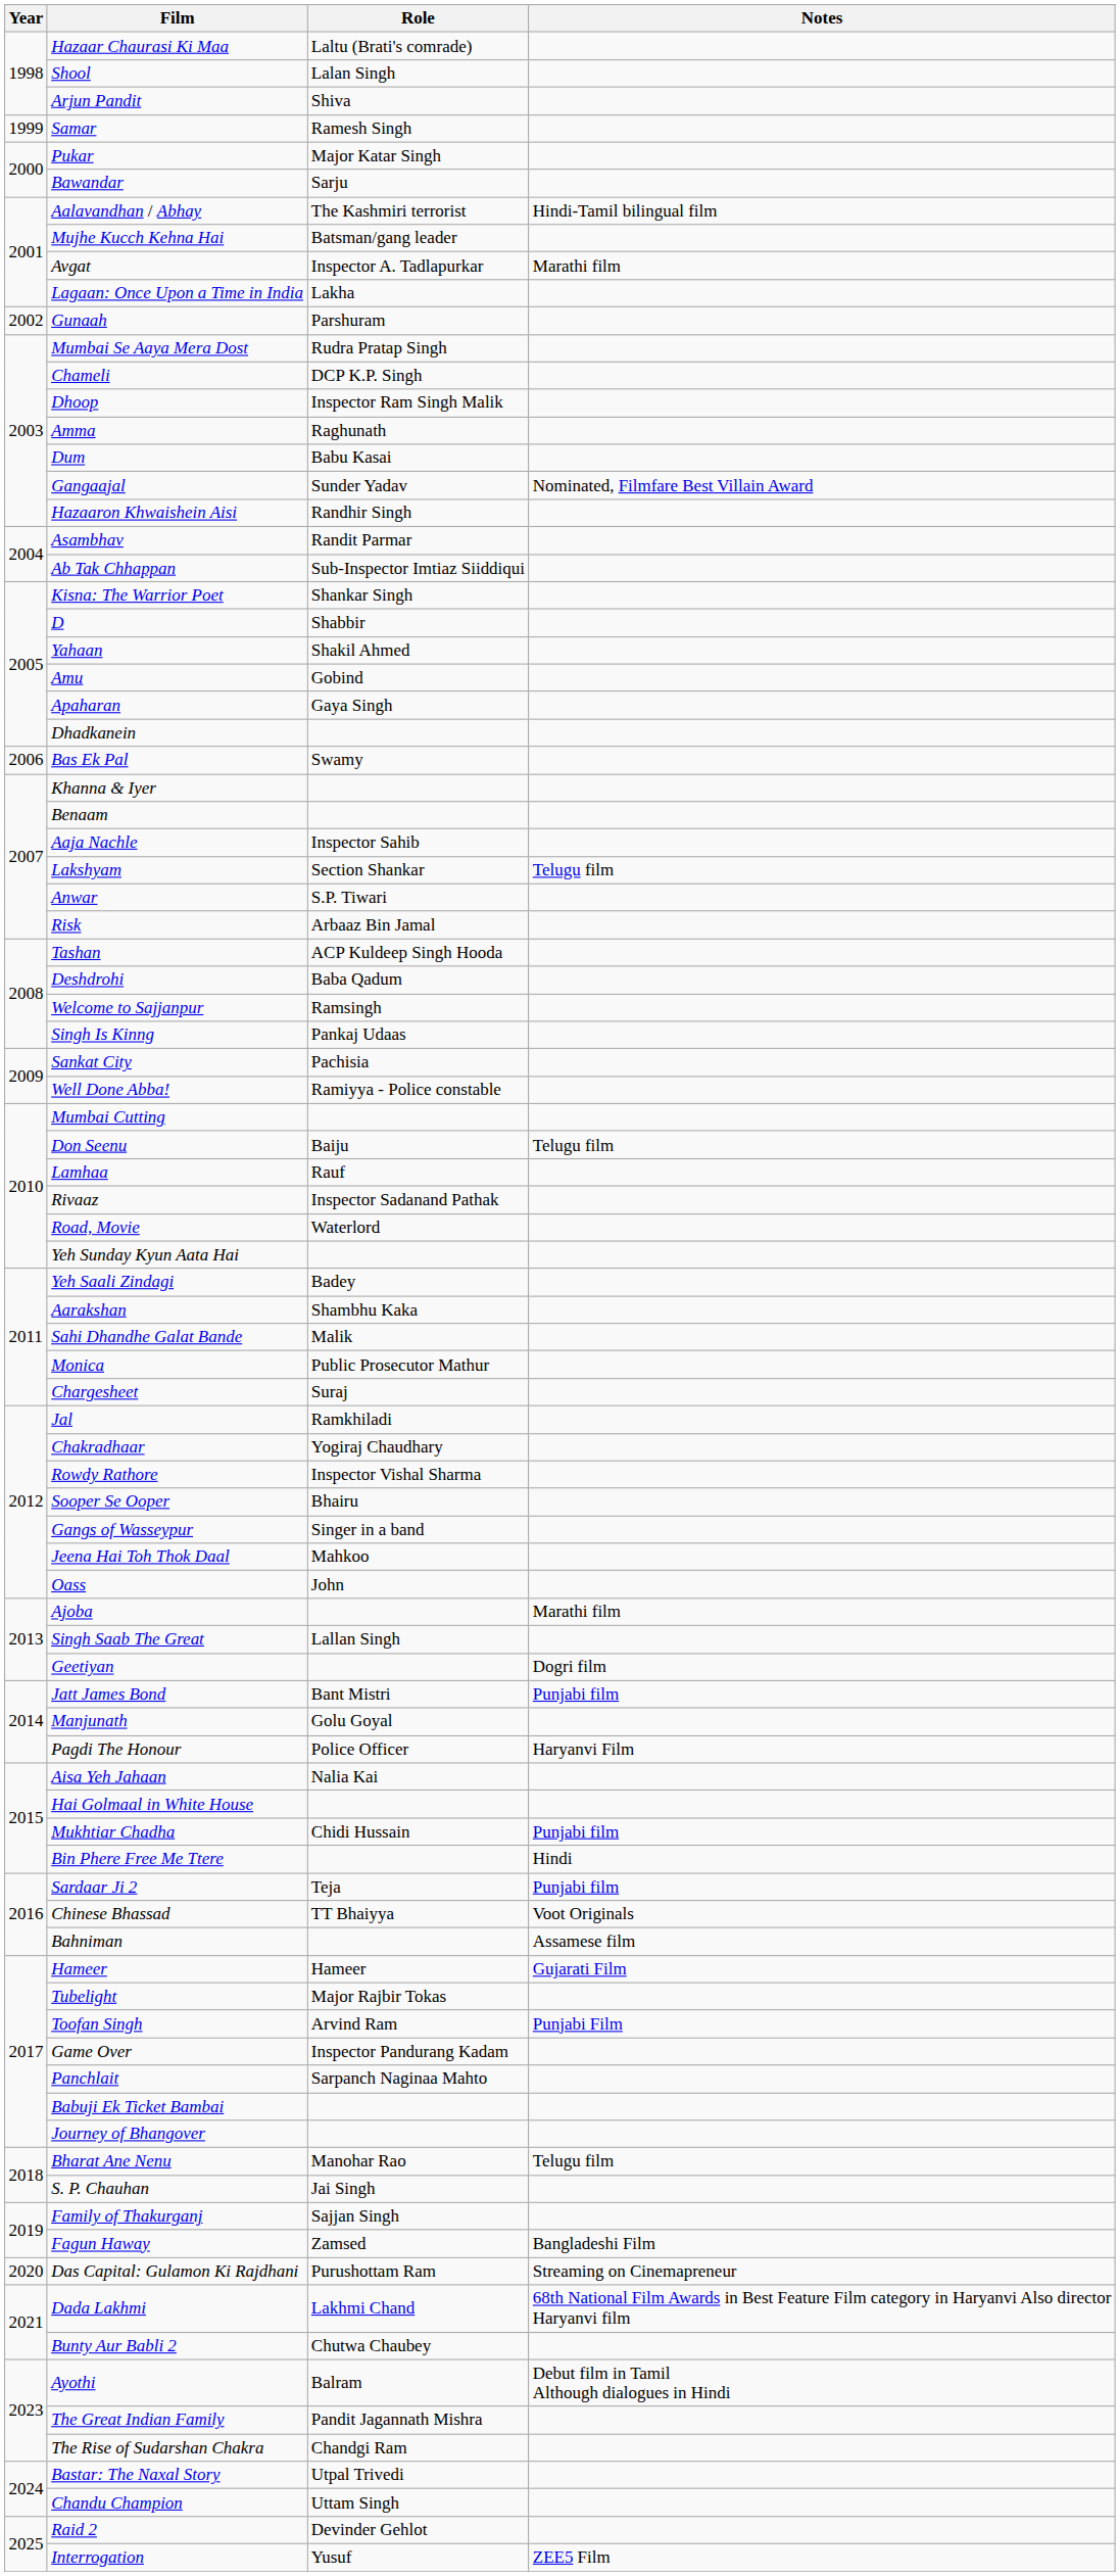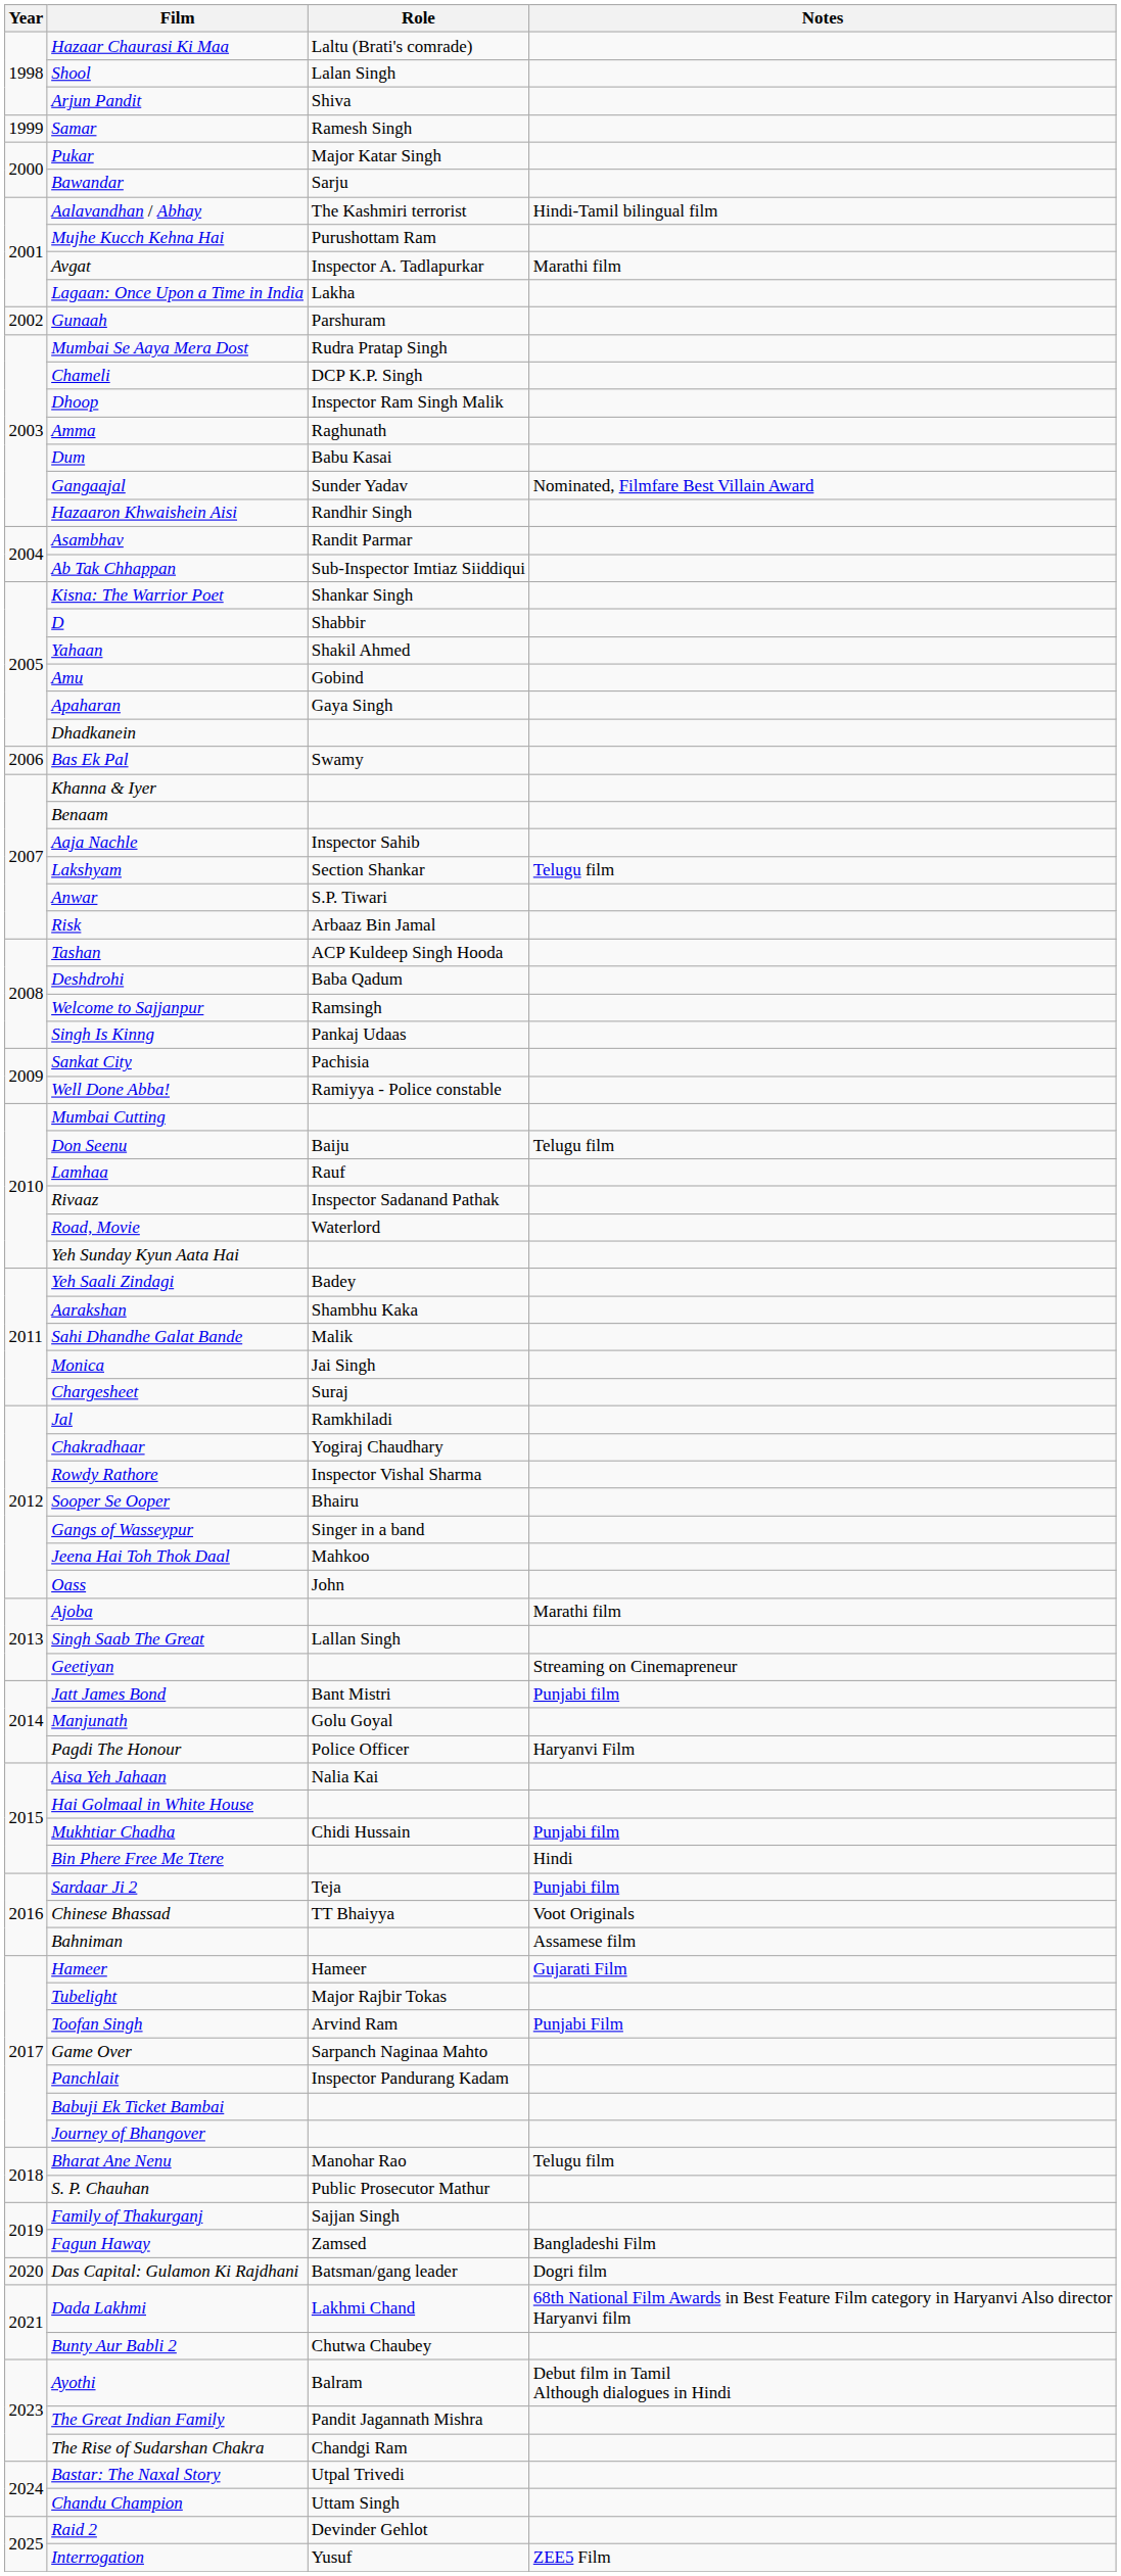 <table class="wikitable">
 <tr>
 <th>Year</th>
 <th>Film</th>
 <th>Role</th>
 <th>Notes</th>
 </tr>
 <tr>
 <td rowspan="3">1998</td>
 <td><em><a href='#'>Hazaar Chaurasi Ki Maa</a></em></td>
 <td>Laltu (Brati's comrade)</td>
 <td></td>
 </tr>
 <tr>
 <td><em><a href='#'>Shool</a></em></td>
 <td>Lalan Singh</td>
 <td></td>
 </tr>
 <tr>
 <td><em><a href='#'>Arjun Pandit</a></em></td>
 <td>Shiva</td>
 <td></td>
 </tr>
 <tr>
 <td rowspan="1">1999</td>
 <td><em><a href='#'>Samar</a></em></td>
 <td>Ramesh Singh</td>
 <td></td>
 </tr>
 <tr>
 <td rowspan="2">2000</td>
 <td><em><a href='#'>Pukar</a></em></td>
 <td>Major Katar Singh</td>
 <td></td>
 </tr>
 <tr>
 <td><em><a href='#'>Bawandar</a></em></td>
 <td>Sarju</td>
 <td></td>
 </tr>
 <tr>
 <td rowspan="4">2001</td>
 <td><em><a href='#'>Aalavandhan</a></em> / <em><a href='#'>Abhay</a></em></td>
 <td>The Kashmiri terrorist</td>
 <td>Hindi-Tamil bilingual film</td>
 </tr>
 <tr>
 <td><em><a href='#'>Mujhe Kucch Kehna Hai</a></em></td>
-<td>Batsman/gang leader</td>
+<td>Purushottam Ram</td>
 <td></td>
 </tr>
 <tr>
 <td><em>Avgat</em></td>
 <td>Inspector A. Tadlapurkar</td>
 <td>Marathi film</td>
 </tr>
 <tr>
 <td><em><a href='#'>Lagaan: Once Upon a Time in India</a></em></td>
 <td>Lakha</td>
 <td></td>
 </tr>
 <tr>
 <td>2002</td>
 <td><em><a href='#'>Gunaah</a></em></td>
 <td>Parshuram</td>
 <td></td>
 </tr>
 <tr>
 <td rowspan="7">2003</td>
 <td><em><a href='#'>Mumbai Se Aaya Mera Dost</a></em></td>
 <td>Rudra Pratap Singh</td>
 <td></td>
 </tr>
 <tr>
 <td><em><a href='#'>Chameli</a></em></td>
 <td>DCP K.P. Singh</td>
 <td></td>
 </tr>
 <tr>
 <td><em><a href='#'>Dhoop</a></em></td>
 <td>Inspector Ram Singh Malik</td>
 <td></td>
 </tr>
 <tr>
 <td><em><a href='#'>Amma</a></em></td>
 <td>Raghunath</td>
 <td></td>
 </tr>
 <tr>
 <td><em><a href='#'>Dum</a></em></td>
 <td>Babu Kasai</td>
 <td></td>
 </tr>
 <tr>
 <td><em><a href='#'>Gangaajal</a></em></td>
 <td>Sunder Yadav</td>
 <td>Nominated, <a href='#'>Filmfare Best Villain Award</a></td>
 </tr>
 <tr>
 <td><em><a href='#'>Hazaaron Khwaishein Aisi</a></em></td>
 <td>Randhir Singh</td>
 <td></td>
 </tr>
 <tr>
 <td rowspan="2">2004</td>
 <td><em><a href='#'>Asambhav</a></em></td>
 <td>Randit Parmar</td>
 <td></td>
 </tr>
 <tr>
 <td><em><a href='#'>Ab Tak Chhappan</a></em></td>
 <td>Sub-Inspector Imtiaz Siiddiqui</td>
 <td></td>
 </tr>
 <tr>
 <td rowspan="6">2005</td>
 <td><em><a href='#'>Kisna: The Warrior Poet</a></em></td>
 <td>Shankar Singh</td>
 <td></td>
 </tr>
 <tr>
 <td><em><a href='#'>D</a></em></td>
 <td>Shabbir</td>
 <td></td>
 </tr>
 <tr>
 <td><em><a href='#'>Yahaan</a></em></td>
 <td>Shakil Ahmed</td>
 <td></td>
 </tr>
 <tr>
 <td><em><a href='#'>Amu</a></em></td>
 <td>Gobind</td>
 <td></td>
 </tr>
 <tr>
 <td><em><a href='#'>Apaharan</a></em></td>
 <td>Gaya Singh</td>
 <td></td>
 </tr>
 <tr>
 <td><em>Dhadkanein</em></td>
 <td></td>
 <td></td>
 </tr>
 <tr>
 <td>2006</td>
 <td><em><a href='#'>Bas Ek Pal</a></em></td>
 <td>Swamy</td>
 <td></td>
 </tr>
 <tr>
 <td rowspan="6">2007</td>
 <td><em>Khanna & Iyer</em></td>
 <td></td>
 <td></td>
 </tr>
 <tr>
 <td><em>Benaam</em></td>
 <td></td>
 <td></td>
 </tr>
 <tr>
 <td><em><a href='#'>Aaja Nachle</a></em></td>
 <td>Inspector Sahib</td>
 <td></td>
 </tr>
 <tr>
 <td><em><a href='#'>Lakshyam</a></em></td>
 <td>Section Shankar</td>
 <td><a href='#'>Telugu</a> film</td>
 </tr>
 <tr>
 <td><em><a href='#'>Anwar</a></em></td>
 <td>S.P. Tiwari</td>
 <td></td>
 </tr>
 <tr>
 <td><em><a href='#'>Risk</a></em></td>
 <td>Arbaaz Bin Jamal</td>
 <td></td>
 </tr>
 <tr>
 <td rowspan="4">2008</td>
 <td><em><a href='#'>Tashan</a></em></td>
 <td>ACP Kuldeep Singh Hooda</td>
 <td></td>
 </tr>
 <tr>
 <td><em><a href='#'>Deshdrohi</a></em></td>
 <td>Baba Qadum</td>
 <td></td>
 </tr>
 <tr>
 <td><em><a href='#'>Welcome to Sajjanpur</a></em></td>
 <td>Ramsingh</td>
 <td></td>
 </tr>
 <tr>
 <td><em><a href='#'>Singh Is Kinng</a></em></td>
 <td>Pankaj Udaas</td>
 <td></td>
 </tr>
 <tr>
 <td rowspan="2">2009</td>
 <td><em><a href='#'>Sankat City</a></em></td>
 <td>Pachisia</td>
 <td></td>
 </tr>
 <tr>
 <td><em><a href='#'>Well Done Abba!</a></em></td>
 <td>Ramiyya - Police constable</td>
 <td></td>
 </tr>
 <tr>
 <td rowspan="6">2010</td>
 <td><em><a href='#'>Mumbai Cutting</a></em></td>
 <td></td>
 <td></td>
 </tr>
 <tr>
 <td><em><a href='#'>Don Seenu</a></em></td>
 <td>Baiju</td>
 <td>Telugu film</td>
 </tr>
 <tr>
 <td><em><a href='#'>Lamhaa</a></em></td>
 <td>Rauf</td>
 <td></td>
 </tr>
 <tr>
 <td><em>Rivaaz</em></td>
 <td>Inspector Sadanand Pathak</td>
 <td></td>
 </tr>
 <tr>
 <td><em><a href='#'>Road, Movie</a></em></td>
 <td>Waterlord</td>
 <td></td>
 </tr>
 <tr>
 <td><em>Yeh Sunday Kyun Aata Hai</em></td>
 <td></td>
 <td></td>
 </tr>
 <tr>
 <td rowspan="5">2011</td>
 <td><em><a href='#'>Yeh Saali Zindagi</a></em></td>
 <td>Badey</td>
 <td></td>
 </tr>
 <tr>
 <td><em><a href='#'>Aarakshan</a></em></td>
 <td>Shambhu Kaka</td>
 <td></td>
 </tr>
 <tr>
 <td><em><a href='#'>Sahi Dhandhe Galat Bande</a></em></td>
 <td>Malik</td>
 <td></td>
 </tr>
 <tr>
 <td><em><a href='#'>Monica</a></em></td>
-<td>Public Prosecutor Mathur</td>
+<td>Jai Singh</td>
 <td></td>
 </tr>
 <tr>
 <td><em><a href='#'>Chargesheet</a></em></td>
 <td>Suraj</td>
 <td></td>
 </tr>
 <tr>
 <td rowspan="7">2012</td>
 <td><em><a href='#'>Jal</a></em></td>
 <td>Ramkhiladi</td>
 <td></td>
 </tr>
 <tr>
 <td><em><a href='#'>Chakradhaar</a></em></td>
 <td>Yogiraj Chaudhary</td>
 <td></td>
 </tr>
 <tr>
 <td><em><a href='#'>Rowdy Rathore</a></em></td>
 <td>Inspector Vishal Sharma</td>
 <td></td>
 </tr>
 <tr>
 <td><em><a href='#'>Sooper Se Ooper</a></em></td>
 <td>Bhairu</td>
 <td></td>
 </tr>
 <tr>
 <td><em><a href='#'>Gangs of Wasseypur</a></em></td>
 <td>Singer in a band</td>
 <td></td>
 </tr>
 <tr>
 <td><em><a href='#'>Jeena Hai Toh Thok Daal</a></em></td>
 <td>Mahkoo</td>
 <td></td>
 </tr>
 <tr>
 <td><em><a href='#'>Oass</a></em></td>
 <td>John</td>
 <td></td>
 </tr>
 <tr>
 <td rowspan="3">2013</td>
 <td><em><a href='#'>Ajoba</a></em></td>
 <td></td>
 <td>Marathi film</td>
 </tr>
 <tr>
 <td><em><a href='#'>Singh Saab The Great</a></em></td>
 <td>Lallan Singh</td>
 <td></td>
 </tr>
 <tr>
 <td><em><a href='#'>Geetiyan</a></em></td>
 <td></td>
-<td>Dogri film</td>
+<td>Streaming on Cinemapreneur</td>
 </tr>
 <tr>
 <td rowspan="3">2014</td>
 <td><em><a href='#'>Jatt James Bond</a></em></td>
 <td>Bant Mistri</td>
 <td><a href='#'>Punjabi film</a></td>
 </tr>
 <tr>
 <td><em><a href='#'>Manjunath</a></em></td>
 <td>Golu Goyal</td>
 <td></td>
 </tr>
 <tr>
 <td><em>Pagdi The Honour</em></td>
 <td>Police Officer</td>
 <td>Haryanvi Film</td>
 </tr>
 <tr>
 <td rowspan="4">2015</td>
 <td><em><a href='#'>Aisa Yeh Jahaan</a></em></td>
 <td>Nalia Kai</td>
 <td></td>
 </tr>
 <tr>
 <td><em><a href='#'>Hai Golmaal in White House</a></em></td>
 <td></td>
 <td></td>
 </tr>
 <tr>
 <td><em><a href='#'>Mukhtiar Chadha</a></em></td>
 <td>Chidi Hussain</td>
 <td><a href='#'>Punjabi film</a></td>
 </tr>
 <tr>
 <td><em><a href='#'>Bin Phere Free Me Ttere</a></em></td>
 <td></td>
 <td>Hindi</td>
 </tr>
 <tr>
 <td rowspan="3">2016</td>
 <td><em><a href='#'>Sardaar Ji 2</a></em></td>
 <td>Teja</td>
 <td><a href='#'>Punjabi film</a></td>
 </tr>
 <tr>
 <td><em>Chinese Bhassad</em></td>
 <td>TT Bhaiyya</td>
 <td>Voot Originals</td>
 </tr>
 <tr>
 <td><em>Bahniman</em></td>
 <td></td>
 <td>Assamese film</td>
 </tr>
 <tr>
 <td rowspan="7">2017</td>
 <td><em><a href='#'>Hameer</a></em></td>
 <td>Hameer</td>
 <td><a href='#'>Gujarati Film</a></td>
 </tr>
 <tr>
 <td><em><a href='#'>Tubelight</a></em></td>
 <td>Major Rajbir Tokas</td>
 <td></td>
 </tr>
 <tr>
 <td><em><a href='#'>Toofan Singh</a></em></td>
 <td>Arvind Ram</td>
 <td><a href='#'>Punjabi Film</a></td>
 </tr>
 <tr>
 <td><em>Game Over</em></td>
-<td>Inspector Pandurang Kadam</td>
+<td>Sarpanch Naginaa Mahto</td>
 <td></td>
 </tr>
 <tr>
 <td><em><a href='#'>Panchlait</a></em></td>
-<td>Sarpanch Naginaa Mahto</td>
+<td>Inspector Pandurang Kadam</td>
 <td></td>
 </tr>
 <tr>
 <td><em><a href='#'>Babuji Ek Ticket Bambai</a></em></td>
 <td></td>
 <td></td>
 </tr>
 <tr>
 <td><em><a href='#'>Journey of Bhangover</a></em></td>
 <td></td>
 <td></td>
 </tr>
 <tr>
 <td rowspan="2">2018</td>
 <td><em><a href='#'>Bharat Ane Nenu</a></em></td>
 <td>Manohar Rao</td>
 <td>Telugu film</td>
 </tr>
 <tr>
 <td><em>S. P. Chauhan</em></td>
-<td>Jai Singh</td>
+<td>Public Prosecutor Mathur</td>
 <td></td>
 </tr>
 <tr>
 <td rowspan="2">2019</td>
 <td><em><a href='#'>Family of Thakurganj</a></em></td>
 <td>Sajjan Singh</td>
 <td></td>
 </tr>
 <tr>
 <td><em><a href='#'>Fagun Haway</a></em></td>
 <td>Zamsed</td>
 <td>Bangladeshi Film</td>
 </tr>
 <tr>
 <td>2020</td>
 <td><em>Das Capital: Gulamon Ki Rajdhani</em></td>
-<td>Purushottam Ram</td>
-<td>Streaming on Cinemapreneur</td>
+<td>Batsman/gang leader</td>
+<td>Dogri film</td>
 </tr>
 <tr>
 <td rowspan="2">2021</td>
 <td><em><a href='#'>Dada Lakhmi</a></em></td>
 <td><a href='#'>Lakhmi Chand</a></td>
 <td><a href='#'>68th National Film Awards</a> in Best Feature Film category in Haryanvi Also director<br>Haryanvi film</td>
 </tr>
 <tr>
 <td><em><a href='#'>Bunty Aur Babli 2</a></em></td>
 <td>Chutwa Chaubey</td>
 <td></td>
 </tr>
 <tr>
 <td rowspan="3">2023</td>
 <td><em><a href='#'>Ayothi</a></em></td>
 <td>Balram</td>
 <td>Debut film in Tamil<br>Although dialogues in Hindi</td>
 </tr>
 <tr>
 <td><em><a href='#'>The Great Indian Family</a></em></td>
 <td>Pandit Jagannath Mishra</td>
 <td></td>
 </tr>
 <tr>
 <td><em>The Rise of Sudarshan Chakra</em></td>
 <td>Chandgi Ram</td>
 <td></td>
 </tr>
 <tr>
 <td rowspan="2">2024</td>
 <td><em><a href='#'>Bastar: The Naxal Story</a></em></td>
 <td>Utpal Trivedi</td>
 <td></td>
 </tr>
 <tr>
 <td><em><a href='#'>Chandu Champion</a></em></td>
 <td>Uttam Singh</td>
 <td></td>
 </tr>
 <tr>
 <td rowspan="2">2025</td>
 <td><em><a href='#'>Raid 2</a></em></td>
 <td>Devinder Gehlot</td>
 </tr>
 <tr>
 <td><em><a href='#'>Interrogation</a></em></td>
 <td>Yusuf</td>
 <td><a href='#'>ZEE5</a> Film</td>
 </tr>
 </table>
